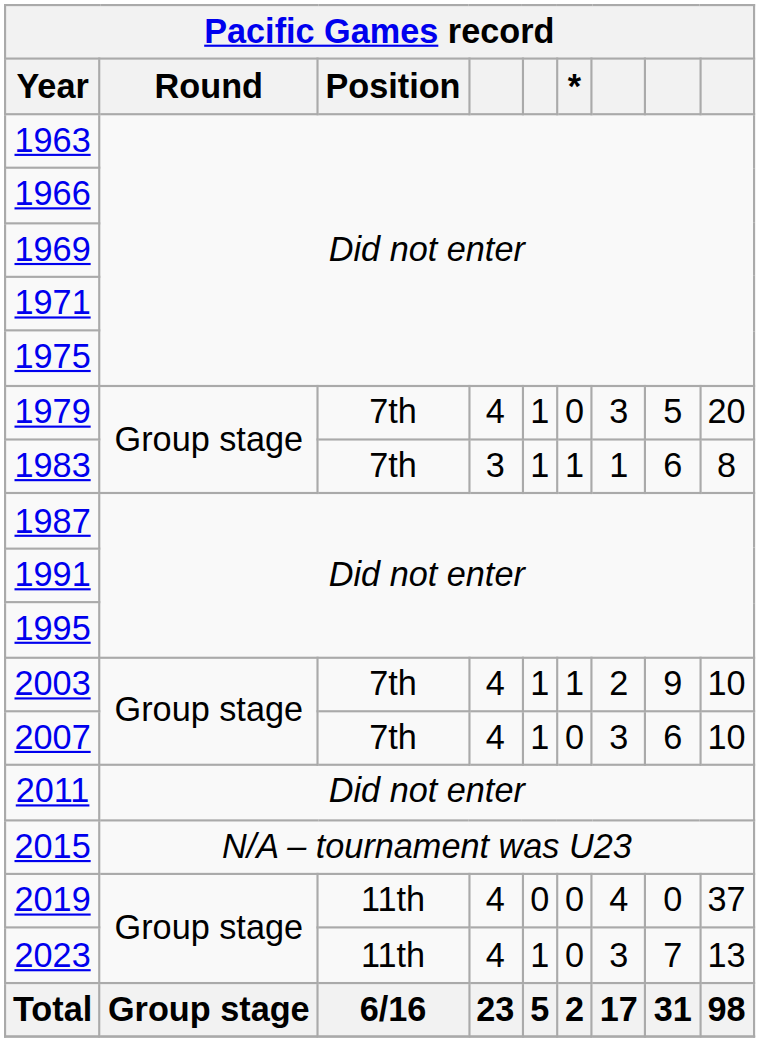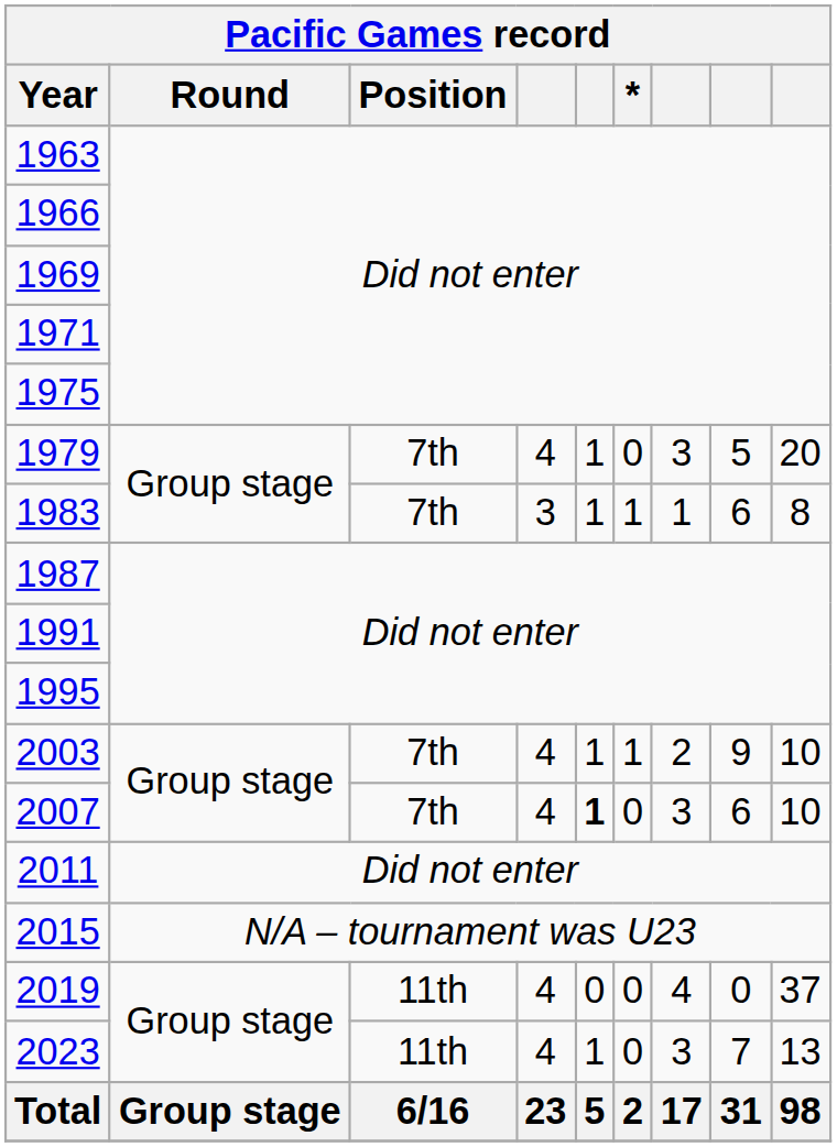 <table class="wikitable" style="text-align: center;">
 <tr>
 <th colspan=9><a href='#'>Pacific Games</a> record</th>
 </tr>
 <tr>
 <th>Year</th>
 <th>Round</th>
 <th>Position</th>
 <th></th>
 <th></th>
 <th>*</th>
 <th></th>
 <th></th>
 <th></th>
 </tr>
 <tr>
 <td> <a href='#'>1963</a></td>
 <td rowspan=5 colspan=8><em>Did not enter</em></td>
 </tr>
 <tr>
 <td> <a href='#'>1966</a></td>
 </tr>
 <tr>
 <td> <a href='#'>1969</a></td>
 </tr>
 <tr>
 <td> <a href='#'>1971</a></td>
 </tr>
 <tr>
 <td> <a href='#'>1975</a></td>
 </tr>
 <tr>
 <td> <a href='#'>1979</a></td>
 <td rowspan=2>Group stage</td>
 <td>7th</td>
 <td>4</td>
 <td>1</td>
 <td>0</td>
 <td>3</td>
 <td>5</td>
 <td>20</td>
 </tr>
 <tr>
 <td> <a href='#'>1983</a></td>
 <td>7th</td>
 <td>3</td>
 <td>1</td>
 <td>1</td>
 <td>1</td>
 <td>6</td>
 <td>8</td>
 </tr>
 <tr>
 <td> <a href='#'>1987</a></td>
 <td rowspan=3 colspan=8><em>Did not enter</em></td>
 </tr>
 <tr>
 <td> <a href='#'>1991</a></td>
 </tr>
 <tr>
 <td> <a href='#'>1995</a></td>
 </tr>
 <tr>
 <td> <a href='#'>2003</a></td>
 <td rowspan=2>Group stage</td>
 <td>7th</td>
 <td>4</td>
 <td>1</td>
 <td>1</td>
 <td>2</td>
 <td>9</td>
 <td>10</td>
 </tr>
 <tr>
 <td> <a href='#'>2007</a></td>
 <td>7th</td>
 <td>4</td>
-<td>1</td>
+<td><strong>1</strong></td>
 <td>0</td>
 <td>3</td>
 <td>6</td>
 <td>10</td>
 </tr>
 <tr>
 <td> <a href='#'>2011</a></td>
 <td colspan=8><em>Did not enter</em></td>
 </tr>
 <tr>
 <td> <a href='#'>2015</a></td>
 <td colspan=8><em>N/A – tournament was U23</em></td>
 </tr>
 <tr>
 <td> <a href='#'>2019</a></td>
 <td rowspan=2>Group stage</td>
 <td>11th</td>
 <td>4</td>
 <td>0</td>
 <td>0</td>
 <td>4</td>
 <td>0</td>
 <td>37</td>
 </tr>
 <tr>
 <td> <a href='#'>2023</a></td>
 <td>11th</td>
 <td>4</td>
 <td>1</td>
 <td>0</td>
 <td>3</td>
 <td>7</td>
 <td>13</td>
 </tr>
 <tr>
 <th>Total</th>
 <th>Group stage</th>
 <th>6/16</th>
 <th>23</th>
 <th>5</th>
 <th>2</th>
 <th>17</th>
 <th>31</th>
 <th>98</th>
 </tr>
 <tr>
 </tr>
 </table>
